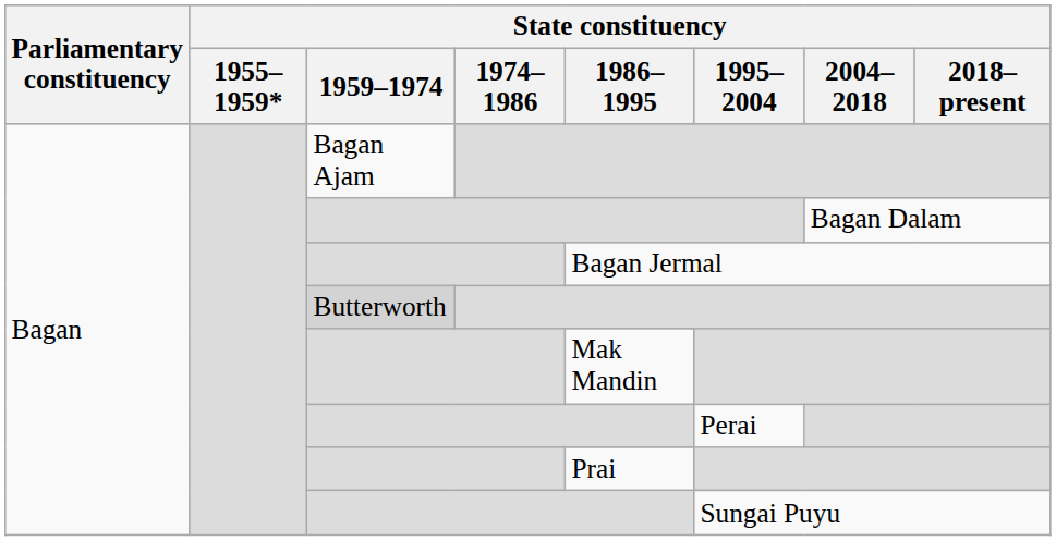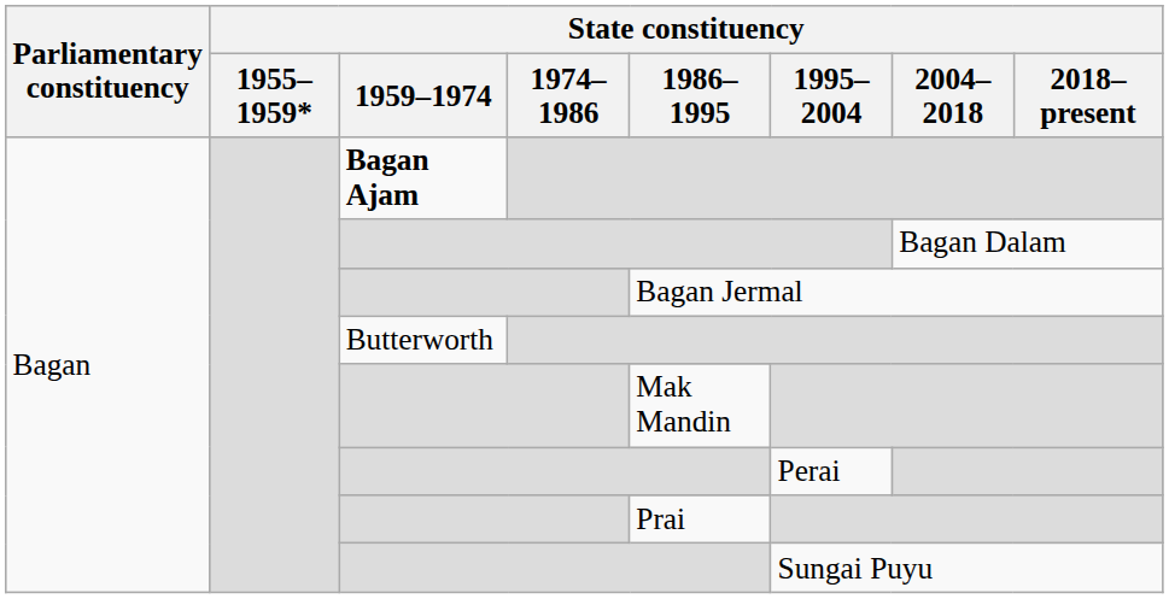 <table class="wikitable">
 <tr>
 <th rowspan="2">Parliamentary<br>constituency</th>
 <th colspan="7">State constituency</th>
 </tr>
 <tr>
 <th>1955–1959*</th>
 <th>1959–1974</th>
 <th>1974–1986</th>
 <th>1986–1995</th>
 <th>1995–2004</th>
 <th>2004–2018</th>
 <th>2018–present</th>
 </tr>
 <tr>
 <td rowspan="8">Bagan</td>
 <td rowspan="8" bgcolor="dcdcdc"></td>
-<td>Bagan Ajam</td>
+<td><strong>Bagan Ajam</strong></td>
 <td colspan="5" bgcolor="dcdcdc"></td>
 </tr>
 <tr>
 <td colspan="4" bgcolor="dcdcdc"></td>
 <td colspan="2">Bagan Dalam</td>
 </tr>
 <tr>
 <td colspan="2" bgcolor="dcdcdc"></td>
 <td colspan="4">Bagan Jermal</td>
 </tr>
 <tr>
-<td style="background: lightgrey;">Butterworth</td>
+<td>Butterworth</td>
 <td colspan="5" bgcolor="dcdcdc"></td>
 </tr>
 <tr>
 <td colspan="2" bgcolor="dcdcdc"></td>
 <td>Mak Mandin</td>
 <td colspan="3" bgcolor="dcdcdc"></td>
 </tr>
 <tr>
 <td colspan="3" bgcolor="dcdcdc"></td>
 <td>Perai</td>
 <td colspan="2" bgcolor="dcdcdc"></td>
 </tr>
 <tr>
 <td colspan="2" bgcolor="dcdcdc"></td>
 <td>Prai</td>
 <td colspan="3" bgcolor="dcdcdc"></td>
 </tr>
 <tr>
 <td colspan="3" bgcolor="dcdcdc"></td>
 <td colspan="3">Sungai Puyu</td>
 </tr>
 </table>
